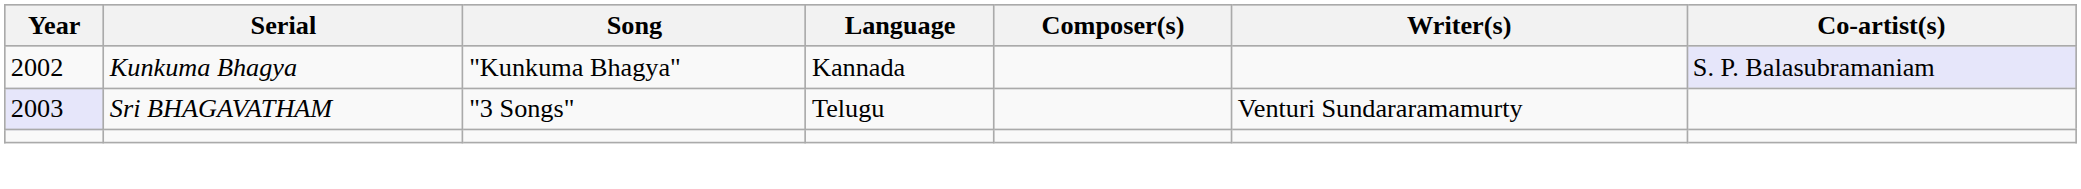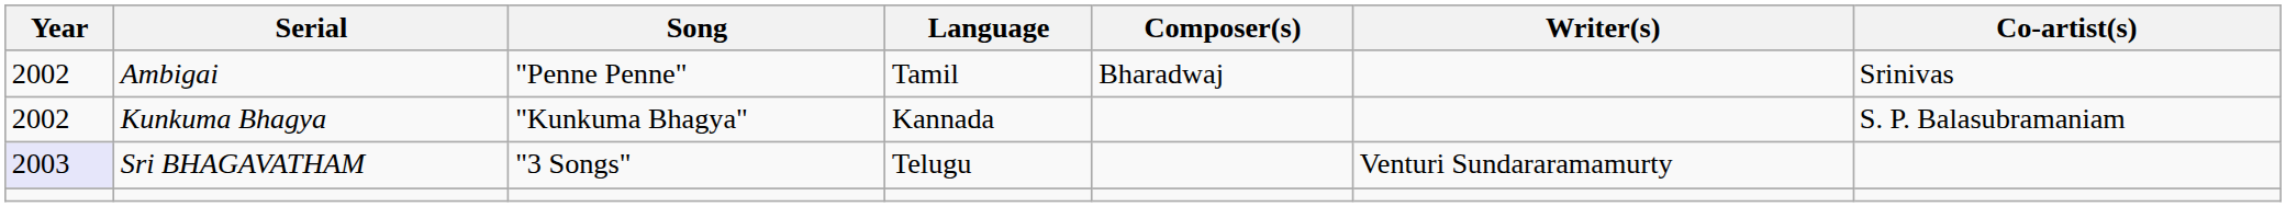 <table class="wikitable plainrowheaders" width="100%" textcolor:#000;">
 <tr style="background:#b0e0e66;">
 <th>Year</th>
 <th>Serial</th>
 <th>Song</th>
 <th>Language</th>
 <th>Composer(s)</th>
 <th>Writer(s)</th>
 <th>Co-artist(s)</th>
 </tr>
 <tr>
 <td>2002</td>
+<td><em>Ambigai</em></td>
+<td>"Penne Penne"</td>
+<td>Tamil</td>
+<td>Bharadwaj</td>
+<td></td>
+<td>Srinivas</td>
+</tr>
+<tr>
+<td>2002</td>
 <td><em>Kunkuma Bhagya</em></td>
 <td>"Kunkuma Bhagya"</td>
 <td>Kannada</td>
 <td></td>
 <td></td>
-<td style="background: lavender;">S. P. Balasubramaniam</td>
+<td>S. P. Balasubramaniam</td>
 </tr>
 <tr>
 <td style="background: lavender;">2003</td>
 <td><em>Sri BHAGAVATHAM</em></td>
 <td>"3 Songs"</td>
 <td>Telugu</td>
 <td></td>
 <td>Venturi Sundararamamurty</td>
 </tr>
 <tr>
 <td></td>
 <td></td>
 <td></td>
 <td></td>
 <td></td>
 <td></td>
 <td></td>
 </tr>
 </table>
